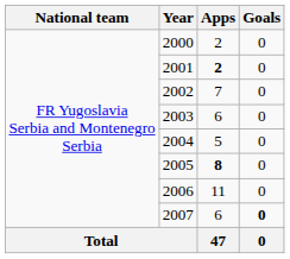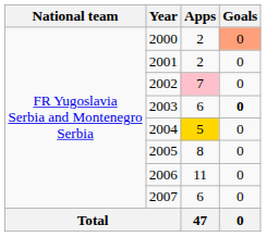 <table class="wikitable" style="text-align:center">
 <tr>
 <th>National team</th>
 <th>Year</th>
 <th>Apps</th>
 <th>Goals</th>
 </tr>
 <tr>
 <td rowspan="8"><a href='#'>FR Yugoslavia</a><br><a href='#'>Serbia and Montenegro</a><br><a href='#'>Serbia</a></td>
 <td>2000</td>
 <td>2</td>
-<td>0</td>
+<td style="background: lightsalmon;">0</td>
 </tr>
 <tr>
 <td>2001</td>
-<td><strong>2</strong></td>
+<td>2</td>
 <td>0</td>
 </tr>
 <tr>
 <td>2002</td>
-<td>7</td>
+<td style="background: pink;">7</td>
 <td>0</td>
 </tr>
 <tr>
 <td>2003</td>
 <td>6</td>
-<td>0</td>
+<td><strong>0</strong></td>
 </tr>
 <tr>
 <td>2004</td>
-<td>5</td>
+<td style="background: gold;">5</td>
 <td>0</td>
 </tr>
 <tr>
 <td>2005</td>
-<td><strong>8</strong></td>
+<td>8</td>
 <td>0</td>
 </tr>
 <tr>
 <td>2006</td>
 <td>11</td>
 <td>0</td>
 </tr>
 <tr>
 <td>2007</td>
 <td>6</td>
-<td><strong>0</strong></td>
+<td>0</td>
 </tr>
 <tr>
 <th colspan="2">Total</th>
 <th>47</th>
 <th>0</th>
 </tr>
 </table>
